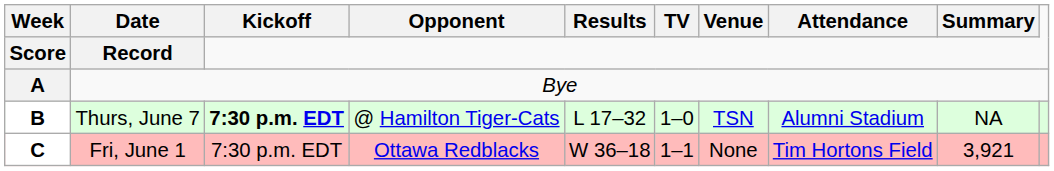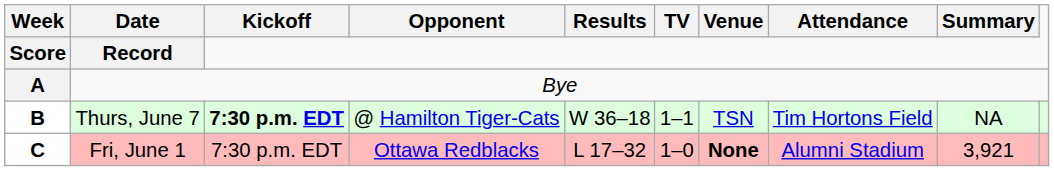 <table class="wikitable" style="font-size: 95%;">
 <tr>
 <th scope="col">Week</th>
 <th scope="col">Date</th>
 <th scope="col">Kickoff</th>
 <th scope="col">Opponent</th>
 <th scope="col">Results</th>
 <th scope="col">TV</th>
 <th scope="col">Venue</th>
 <th scope="col">Attendance</th>
 <th scope="col">Summary</th>
 </tr>
 <tr>
 <th scope="col">Score</th>
 <th scope="col">Record</th>
 </tr>
 <tr style= bgcolor="ffffff">
 <th align="center">A</th>
 <td colspan=9 align="center" valign="middle"><em>Bye</em></td>
 </tr>
 <tr align="center" bgcolor="ddffdd">
 <th style="text-align:center; background:white;"><span>B</span></th>
 <td align="center">Thurs, June 7</td>
 <td align="center"><strong>7:30 p.m. <a href='#'>EDT</a></strong></td>
 <td align="center">@ <a href='#'>Hamilton Tiger-Cats</a></td>
-<td align="center">L 17–32</td>
-<td align="center">1–0</td>
+<td align="center">W 36–18</td>
+<td align="center">1–1</td>
 <td align="center"><a href='#'>TSN</a></td>
-<td align="center"><a href='#'>Alumni Stadium</a></td>
+<td align="center"><a href='#'>Tim Hortons Field</a></td>
 <td align="center">NA</td>
 <td align="center"></td>
 </tr>
 <tr align="center" bgcolor="ffbbbb">
 <th style="text-align:center; background:white;"><span>C</span></th>
 <td align="center">Fri, June 1</td>
 <td align="center">7:30 p.m. EDT</td>
 <td align="center"><a href='#'>Ottawa Redblacks</a></td>
-<td align="center">W 36–18</td>
-<td align="center">1–1</td>
-<td align="center">None</td>
-<td align="center"><a href='#'>Tim Hortons Field</a></td>
+<td align="center">L 17–32</td>
+<td align="center">1–0</td>
+<td align="center"><strong>None</strong></td>
+<td align="center"><a href='#'>Alumni Stadium</a></td>
 <td align="center">3,921</td>
 <td align="center"></td>
 </tr>
 </table>
